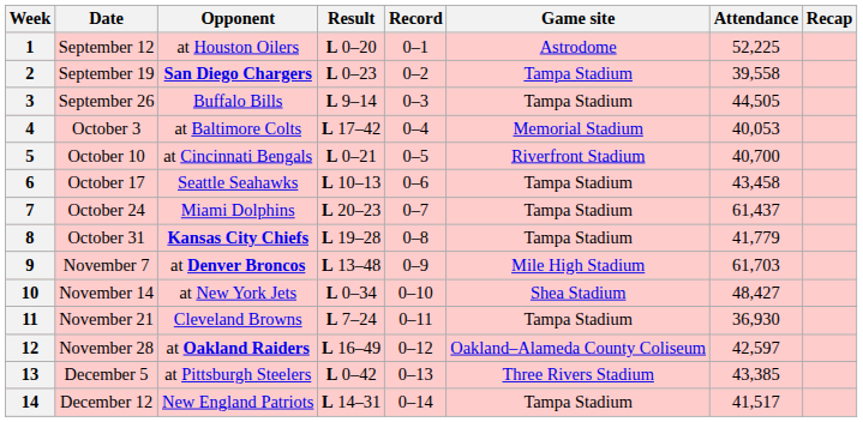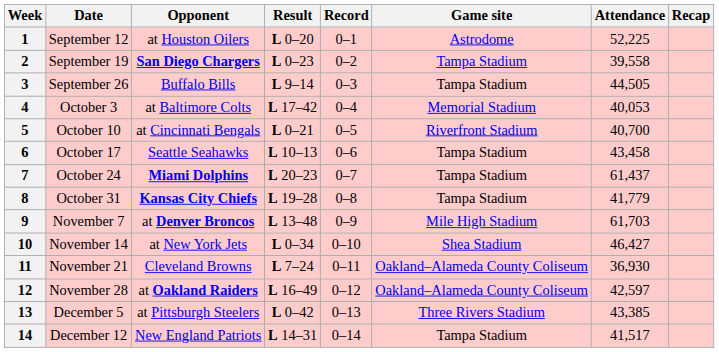 <table class="wikitable" style="text-align:center">
 <tr>
 <th>Week</th>
 <th>Date</th>
 <th>Opponent</th>
 <th>Result</th>
 <th>Record</th>
 <th>Game site</th>
 <th>Attendance</th>
 <th>Recap</th>
 </tr>
 <tr bgcolor="#fcc">
 <th>1</th>
 <td>September 12</td>
 <td>at <a href='#'>Houston Oilers</a></td>
 <td><strong>L</strong> 0–20</td>
 <td>0–1</td>
 <td><a href='#'>Astrodome</a></td>
 <td>52,225</td>
 <td></td>
 </tr>
 <tr bgcolor="#fcc">
 <th>2</th>
 <td>September 19</td>
 <td><strong><a href='#'>San Diego Chargers</a></strong></td>
 <td><strong>L</strong> 0–23</td>
 <td>0–2</td>
 <td><a href='#'>Tampa Stadium</a></td>
 <td>39,558</td>
 <td></td>
 </tr>
 <tr bgcolor="#fcc">
 <th>3</th>
 <td>September 26</td>
 <td><a href='#'>Buffalo Bills</a></td>
 <td><strong>L</strong> 9–14</td>
 <td>0–3</td>
 <td>Tampa Stadium</td>
 <td>44,505</td>
 <td></td>
 </tr>
 <tr bgcolor="#fcc">
 <th>4</th>
 <td>October 3</td>
 <td>at <a href='#'>Baltimore Colts</a></td>
 <td><strong>L</strong> 17–42</td>
 <td>0–4</td>
 <td><a href='#'>Memorial Stadium</a></td>
 <td>40,053</td>
 <td></td>
 </tr>
 <tr bgcolor="#fcc">
 <th>5</th>
 <td>October 10</td>
 <td>at <a href='#'>Cincinnati Bengals</a></td>
 <td><strong>L</strong> 0–21</td>
 <td>0–5</td>
 <td><a href='#'>Riverfront Stadium</a></td>
 <td>40,700</td>
 <td></td>
 </tr>
 <tr bgcolor="#fcc">
 <th>6</th>
 <td>October 17</td>
 <td><a href='#'>Seattle Seahawks</a></td>
 <td><strong>L</strong> 10–13</td>
 <td>0–6</td>
 <td>Tampa Stadium</td>
 <td>43,458</td>
 <td></td>
 </tr>
 <tr bgcolor="#fcc">
 <th>7</th>
 <td>October 24</td>
-<td><a href='#'>Miami Dolphins</a></td>
+<td><strong><a href='#'>Miami Dolphins</a></strong></td>
 <td><strong>L</strong> 20–23</td>
 <td>0–7</td>
 <td>Tampa Stadium</td>
 <td>61,437</td>
 <td></td>
 </tr>
 <tr bgcolor="#fcc">
 <th>8</th>
 <td>October 31</td>
 <td><strong><a href='#'>Kansas City Chiefs</a></strong></td>
 <td><strong>L</strong> 19–28</td>
 <td>0–8</td>
 <td>Tampa Stadium</td>
 <td>41,779</td>
 <td></td>
 </tr>
 <tr bgcolor="#fcc">
 <th>9</th>
 <td>November 7</td>
 <td>at <strong><a href='#'>Denver Broncos</a></strong></td>
 <td><strong>L</strong> 13–48</td>
 <td>0–9</td>
 <td><a href='#'>Mile High Stadium</a></td>
 <td>61,703</td>
 <td></td>
 </tr>
 <tr bgcolor="#fcc">
 <th>10</th>
 <td>November 14</td>
 <td>at <a href='#'>New York Jets</a></td>
 <td><strong>L</strong> 0–34</td>
 <td>0–10</td>
 <td><a href='#'>Shea Stadium</a></td>
-<td>48,427</td>
+<td>46,427</td>
 <td></td>
 </tr>
 <tr bgcolor="#fcc">
 <th>11</th>
 <td>November 21</td>
 <td><a href='#'>Cleveland Browns</a></td>
 <td><strong>L</strong> 7–24</td>
 <td>0–11</td>
-<td>Tampa Stadium</td>
+<td><a href='#'>Oakland–Alameda County Coliseum</a></td>
 <td>36,930</td>
 <td></td>
 </tr>
 <tr bgcolor="#fcc">
 <th>12</th>
 <td>November 28</td>
 <td>at <strong><a href='#'>Oakland Raiders</a></strong></td>
 <td><strong>L</strong> 16–49</td>
 <td>0–12</td>
 <td><a href='#'>Oakland–Alameda County Coliseum</a></td>
 <td>42,597</td>
 <td></td>
 </tr>
 <tr bgcolor="#fcc">
 <th>13</th>
 <td>December 5</td>
 <td>at <a href='#'>Pittsburgh Steelers</a></td>
 <td><strong>L</strong> 0–42</td>
 <td>0–13</td>
 <td><a href='#'>Three Rivers Stadium</a></td>
 <td>43,385</td>
 <td></td>
 </tr>
 <tr bgcolor="#fcc">
 <th>14</th>
 <td>December 12</td>
 <td><a href='#'>New England Patriots</a></td>
 <td><strong>L</strong> 14–31</td>
 <td>0–14</td>
 <td>Tampa Stadium</td>
 <td>41,517</td>
 <td></td>
 </tr>
 </table>
